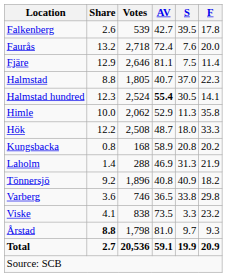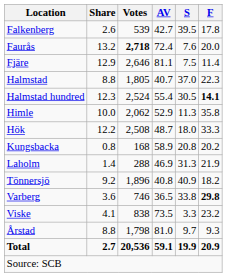 <table class="wikitable sortable" style=text-align:right>
 <tr>
 <th>Location</th>
 <th>Share</th>
 <th>Votes</th>
 <th><a href='#'>AV</a></th>
 <th><a href='#'>S</a></th>
 <th><a href='#'>F</a></th>
 </tr>
 <tr>
 <td align=left><a href='#'>Falkenberg</a></td>
 <td>2.6</td>
 <td>539</td>
 <td>42.7</td>
 <td>39.5</td>
 <td>17.8</td>
 </tr>
 <tr>
 <td align=left><a href='#'>Faurås</a></td>
 <td>13.2</td>
-<td>2,718</td>
+<td><strong>2,718</strong></td>
 <td>72.4</td>
 <td>7.6</td>
 <td>20.0</td>
 </tr>
 <tr>
 <td align=left><a href='#'>Fjäre</a></td>
 <td>12.9</td>
 <td>2,646</td>
 <td>81.1</td>
 <td>7.5</td>
 <td>11.4</td>
 </tr>
 <tr>
 <td align=left><a href='#'>Halmstad</a></td>
 <td>8.8</td>
 <td>1,805</td>
 <td>40.7</td>
 <td>37.0</td>
 <td>22.3</td>
 </tr>
 <tr>
 <td align=left><a href='#'>Halmstad hundred</a></td>
 <td>12.3</td>
 <td>2,524</td>
-<td><strong>55.4</strong></td>
+<td>55.4</td>
 <td>30.5</td>
-<td>14.1</td>
+<td><strong>14.1</strong></td>
 </tr>
 <tr>
 <td align=left><a href='#'>Himle</a></td>
 <td>10.0</td>
 <td>2,062</td>
 <td>52.9</td>
 <td>11.3</td>
 <td>35.8</td>
 </tr>
 <tr>
 <td align=left><a href='#'>Hök</a></td>
 <td>12.2</td>
 <td>2,508</td>
 <td>48.7</td>
 <td>18.0</td>
 <td>33.3</td>
 </tr>
 <tr>
 <td align=left><a href='#'>Kungsbacka</a></td>
 <td>0.8</td>
 <td>168</td>
 <td>58.9</td>
 <td>20.8</td>
 <td>20.2</td>
 </tr>
 <tr>
 <td align=left><a href='#'>Laholm</a></td>
 <td>1.4</td>
 <td>288</td>
 <td>46.9</td>
 <td>31.3</td>
 <td>21.9</td>
 </tr>
 <tr>
 <td align=left><a href='#'>Tönnersjö</a></td>
 <td>9.2</td>
 <td>1,896</td>
 <td>40.8</td>
 <td>40.9</td>
 <td>18.2</td>
 </tr>
 <tr>
 <td align=left><a href='#'>Varberg</a></td>
 <td>3.6</td>
 <td>746</td>
 <td>36.5</td>
 <td>33.8</td>
-<td>29.8</td>
+<td><strong>29.8</strong></td>
 </tr>
 <tr>
 <td align=left><a href='#'>Viske</a></td>
 <td>4.1</td>
 <td>838</td>
 <td>73.5</td>
 <td>3.3</td>
 <td>23.2</td>
 </tr>
 <tr>
 <td align=left><a href='#'>Årstad</a></td>
-<td><strong>8.8</strong></td>
+<td>8.8</td>
 <td>1,798</td>
 <td>81.0</td>
 <td>9.7</td>
 <td>9.3</td>
 </tr>
 <tr>
 <td align=left><strong>Total</strong></td>
 <td><strong>2.7</strong></td>
 <td><strong>20,536</strong></td>
 <td><strong>59.1</strong></td>
 <td><strong>19.9</strong></td>
 <td><strong>20.9</strong></td>
 </tr>
 <tr>
 <td align=left colspan=6>Source: SCB </td>
 </tr>
 </table>
